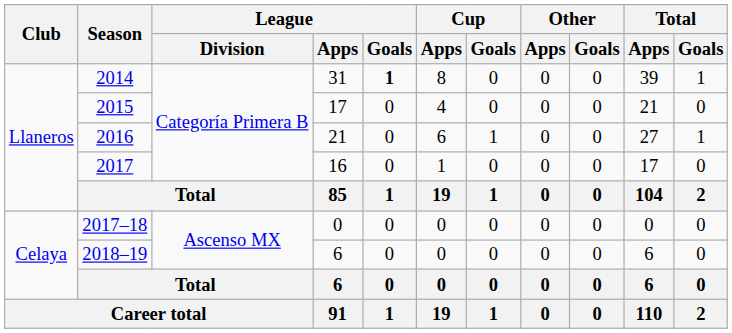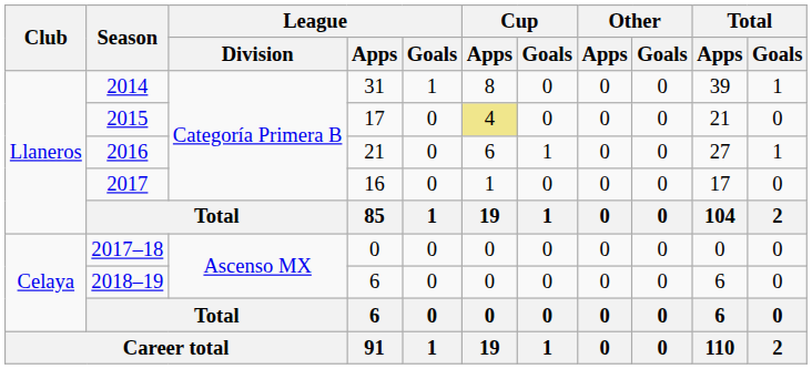 <table class="wikitable" style="text-align: center">
 <tr>
 <th rowspan="2">Club</th>
 <th rowspan="2">Season</th>
 <th colspan="3">League</th>
 <th colspan="2">Cup</th>
 <th colspan="2">Other</th>
 <th colspan="2">Total</th>
 </tr>
 <tr>
 <th>Division</th>
 <th>Apps</th>
 <th>Goals</th>
 <th>Apps</th>
 <th>Goals</th>
 <th>Apps</th>
 <th>Goals</th>
 <th>Apps</th>
 <th>Goals</th>
 </tr>
 <tr>
 <td rowspan="5"><a href='#'>Llaneros</a></td>
 <td><a href='#'>2014</a></td>
 <td rowspan="4"><a href='#'>Categoría Primera B</a></td>
 <td>31</td>
-<td><strong>1</strong></td>
+<td>1</td>
 <td>8</td>
 <td>0</td>
 <td>0</td>
 <td>0</td>
 <td>39</td>
 <td>1</td>
 </tr>
 <tr>
 <td><a href='#'>2015</a></td>
 <td>17</td>
 <td>0</td>
-<td>4</td>
+<td style="background: khaki;">4</td>
 <td>0</td>
 <td>0</td>
 <td>0</td>
 <td>21</td>
 <td>0</td>
 </tr>
 <tr>
 <td><a href='#'>2016</a></td>
 <td>21</td>
 <td>0</td>
 <td>6</td>
 <td>1</td>
 <td>0</td>
 <td>0</td>
 <td>27</td>
 <td>1</td>
 </tr>
 <tr>
 <td><a href='#'>2017</a></td>
 <td>16</td>
 <td>0</td>
 <td>1</td>
 <td>0</td>
 <td>0</td>
 <td>0</td>
 <td>17</td>
 <td>0</td>
 </tr>
 <tr>
 <th colspan="2"><strong>Total</strong></th>
 <th>85</th>
 <th>1</th>
 <th>19</th>
 <th>1</th>
 <th>0</th>
 <th>0</th>
 <th>104</th>
 <th>2</th>
 </tr>
 <tr>
 <td rowspan="3"><a href='#'>Celaya</a></td>
 <td><a href='#'>2017–18</a></td>
 <td rowspan="2"><a href='#'>Ascenso MX</a></td>
 <td>0</td>
 <td>0</td>
 <td>0</td>
 <td>0</td>
 <td>0</td>
 <td>0</td>
 <td>0</td>
 <td>0</td>
 </tr>
 <tr>
 <td><a href='#'>2018–19</a></td>
 <td>6</td>
 <td>0</td>
 <td>0</td>
 <td>0</td>
 <td>0</td>
 <td>0</td>
 <td>6</td>
 <td>0</td>
 </tr>
 <tr>
 <th colspan="2"><strong>Total</strong></th>
 <th>6</th>
 <th>0</th>
 <th>0</th>
 <th>0</th>
 <th>0</th>
 <th>0</th>
 <th>6</th>
 <th>0</th>
 </tr>
 <tr>
 <th colspan="3"><strong>Career total</strong></th>
 <th>91</th>
 <th>1</th>
 <th>19</th>
 <th>1</th>
 <th>0</th>
 <th>0</th>
 <th>110</th>
 <th>2</th>
 </tr>
 </table>
